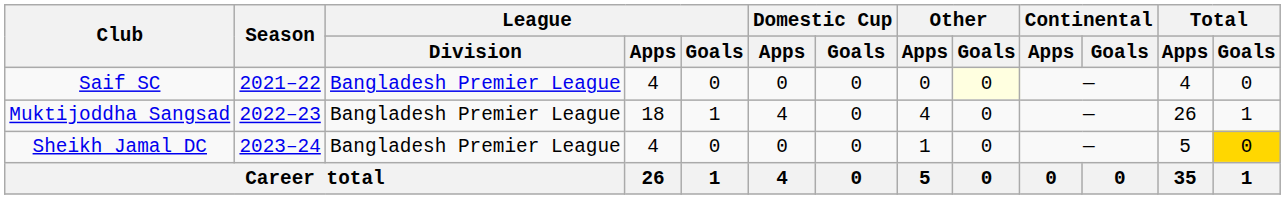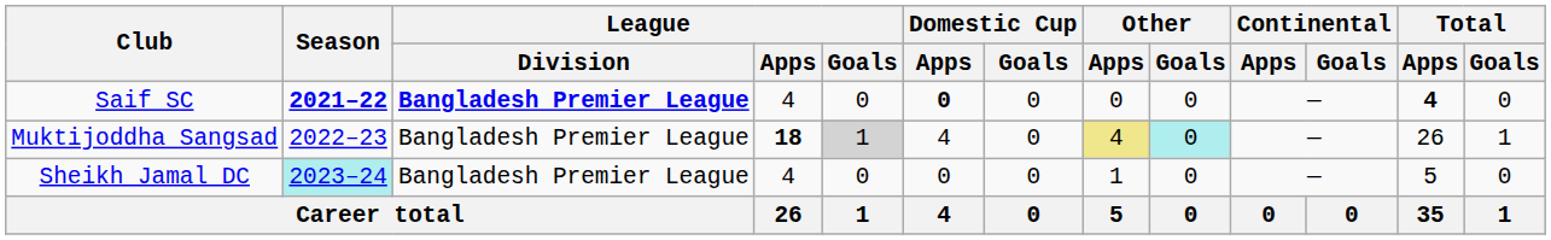 <table class="wikitable" style="text-align: center;">
 <tr>
 <th rowspan="2">Club</th>
 <th rowspan="2">Season</th>
 <th colspan="3">League</th>
 <th colspan="2">Domestic Cup</th>
 <th colspan="2">Other</th>
 <th colspan="2">Continental</th>
 <th colspan="2">Total</th>
 </tr>
 <tr>
 <th>Division</th>
 <th>Apps</th>
 <th>Goals</th>
 <th>Apps</th>
 <th>Goals</th>
 <th>Apps</th>
 <th>Goals</th>
 <th>Apps</th>
 <th>Goals</th>
 <th>Apps</th>
 <th>Goals</th>
 </tr>
 <tr>
 <td><a href='#'>Saif SC</a></td>
-<td><a href='#'>2021–22</a></td>
-<td><a href='#'>Bangladesh Premier League</a></td>
+<td><strong><a href='#'>2021–22</a></strong></td>
+<td><strong><a href='#'>Bangladesh Premier League</a></strong></td>
 <td>4</td>
+<td>0</td>
+<td><strong>0</strong></td>
 <td>0</td>
 <td>0</td>
 <td>0</td>
-<td>0</td>
-<td style="background: lightyellow;">0</td>
 <td colspan="2">—</td>
-<td>4</td>
+<td><strong>4</strong></td>
 <td>0</td>
 </tr>
 <tr>
 <td><a href='#'>Muktijoddha Sangsad</a></td>
 <td><a href='#'>2022–23</a></td>
 <td>Bangladesh Premier League</td>
-<td>18</td>
-<td>1</td>
+<td><strong>18</strong></td>
+<td style="background: lightgrey;">1</td>
 <td>4</td>
 <td>0</td>
-<td>4</td>
-<td>0</td>
+<td style="background: khaki;">4</td>
+<td style="background: paleturquoise;">0</td>
 <td colspan="2">—</td>
 <td>26</td>
 <td>1</td>
 </tr>
 <tr>
 <td><a href='#'>Sheikh Jamal DC</a></td>
-<td><a href='#'>2023–24</a></td>
+<td style="background: paleturquoise;"><a href='#'>2023–24</a></td>
 <td>Bangladesh Premier League</td>
 <td>4</td>
 <td>0</td>
 <td>0</td>
 <td>0</td>
 <td>1</td>
 <td>0</td>
 <td colspan="2">—</td>
 <td>5</td>
-<td style="background: gold;">0</td>
+<td>0</td>
 </tr>
 <tr>
 <th colspan="3"><strong>Career total</strong></th>
 <th>26</th>
 <th>1</th>
 <th>4</th>
 <th>0</th>
 <th>5</th>
 <th>0</th>
 <th>0</th>
 <th>0</th>
 <th>35</th>
 <th>1</th>
 </tr>
 </table>
